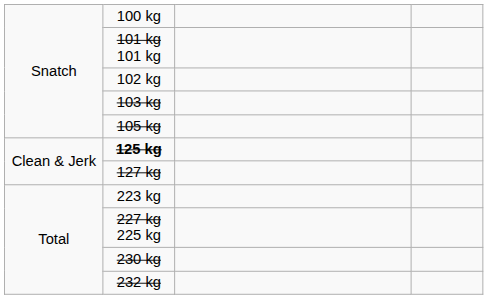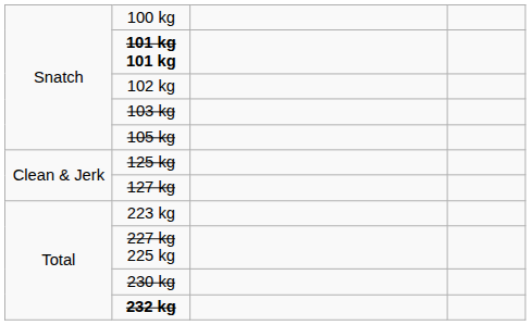 <table class = "wikitable" style="text-align:center;">
 <tr>
 <td rowspan=5 width=100>Snatch</td>
 <td width=70>100 kg</td>
 <td width=250 align=left></td>
 <td width=70></td>
 </tr>
 <tr>
-<td><s>101 kg</s><br>101 kg</td>
+<td><strong><s>101 kg</s><br>101 kg</strong></td>
 <td align=left><s></s><br></td>
 <td><s></s><br></td>
 </tr>
 <tr>
 <td>102 kg</td>
 <td align=left></td>
 <td></td>
 </tr>
 <tr>
 <td><s>103 kg</s></td>
 <td align=left><s></s></td>
 <td><s></s></td>
 </tr>
 <tr>
 <td><s>105 kg</s></td>
 <td align=left><s></s></td>
 <td><s></s></td>
 </tr>
 <tr>
 <td rowspan=2>Clean & Jerk</td>
-<td><strong><s>125 kg</s></strong></td>
+<td><s>125 kg</s></td>
 <td align=left><s></s></td>
 <td><s></s></td>
 </tr>
 <tr>
 <td><s>127 kg</s></td>
 <td align=left><s></s></td>
 <td><s></s></td>
 </tr>
 <tr>
 <td rowspan=4>Total</td>
 <td>223 kg</td>
 <td align=left></td>
 <td></td>
 </tr>
 <tr>
 <td><s>227 kg</s><br>225 kg</td>
 <td align=left><s></s><br></td>
 <td><s></s><br></td>
 </tr>
 <tr>
 <td><s>230 kg</s></td>
 <td align=left><s></s></td>
 <td><s></s></td>
 </tr>
 <tr>
-<td><s>232 kg</s></td>
+<td><strong><s>232 kg</s></strong></td>
 <td align=left><s></s></td>
 <td><s></s></td>
 </tr>
 </table>
